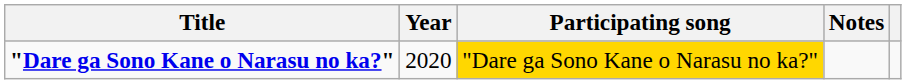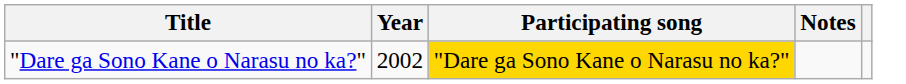 <table class="wikitable">
 <tr>
 <th>Title</th>
 <th>Year</th>
 <th>Participating song</th>
 <th>Notes</th>
 <th></th>
 </tr>
 <tr>
-<td><strong>"<a href='#'>Dare ga Sono Kane o Narasu no ka?</a>"</strong></td>
-<td>2020</td>
+<td>"<a href='#'>Dare ga Sono Kane o Narasu no ka?</a>"</td>
+<td>2002</td>
 <td style="background: gold;">"Dare ga Sono Kane o Narasu no ka?"</td>
 <td></td>
 <td></td>
 </tr>
 </table>
